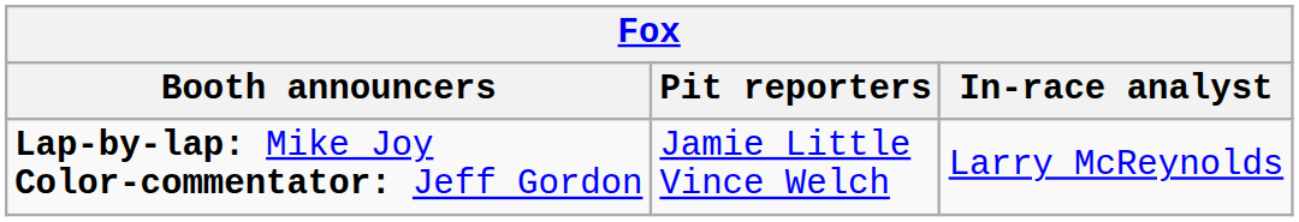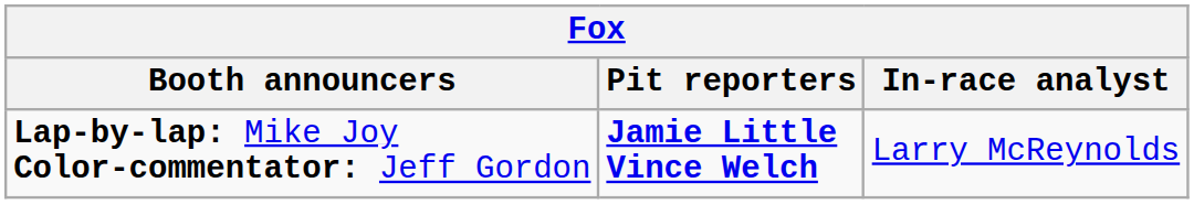 <table class="wikitable" style="font-size: 95%">
 <tr>
 <th colspan="3"><a href='#'>Fox</a></th>
 </tr>
 <tr>
 <th>Booth announcers</th>
 <th>Pit reporters</th>
 <th>In-race analyst</th>
 </tr>
 <tr>
 <td><strong>Lap-by-lap:</strong> <a href='#'>Mike Joy</a><br><strong>Color-commentator:</strong> <a href='#'>Jeff Gordon</a></td>
-<td><a href='#'>Jamie Little</a><br><a href='#'>Vince Welch</a></td>
+<td><strong><a href='#'>Jamie Little</a><br><a href='#'>Vince Welch</a></strong></td>
 <td><a href='#'>Larry McReynolds</a></td>
 </tr>
 </table>
